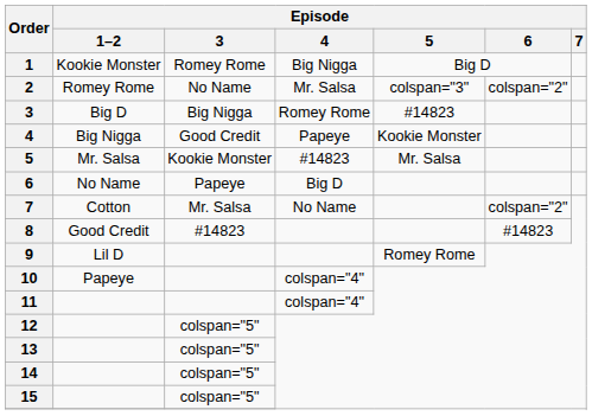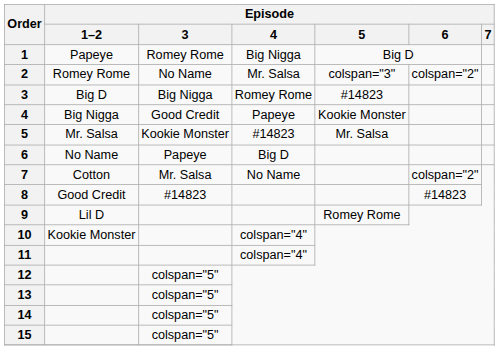 <table class="wikitable nowrap" style="text-align:center">
 <tr>
 <th rowspan="2">Order</th>
 <th colspan="7">Episode</th>
 </tr>
 <tr>
 <th>1–2</th>
 <th>3</th>
 <th>4</th>
 <th>5</th>
 <th>6</th>
 <th>7</th>
 </tr>
 <tr>
 <th>1</th>
-<td>Kookie Monster</td>
+<td>Papeye</td>
 <td>Romey Rome</td>
 <td>Big Nigga</td>
 <td colspan="2">Big D</td>
 <td></td>
 </tr>
 <tr>
 <th>2</th>
 <td>Romey Rome</td>
 <td>No Name</td>
 <td>Mr. Salsa</td>
 <td>colspan="3" </td>
 <td>colspan="2" </td>
 <td></td>
 </tr>
 <tr>
 <th>3</th>
 <td>Big D</td>
 <td>Big Nigga</td>
 <td>Romey Rome</td>
 <td>#14823</td>
 <td></td>
 <td></td>
 </tr>
 <tr>
 <th>4</th>
 <td>Big Nigga</td>
 <td>Good Credit</td>
 <td>Papeye</td>
 <td>Kookie Monster</td>
 <td></td>
 <td></td>
 </tr>
 <tr>
 <th>5</th>
 <td>Mr. Salsa</td>
 <td>Kookie Monster</td>
 <td>#14823</td>
 <td>Mr. Salsa</td>
 <td></td>
 <td></td>
 </tr>
 <tr>
 <th>6</th>
 <td>No Name</td>
 <td>Papeye</td>
 <td>Big D</td>
 <td></td>
 <td></td>
 <td></td>
 </tr>
 <tr>
 <th>7</th>
 <td>Cotton</td>
 <td>Mr. Salsa</td>
 <td>No Name</td>
 <td></td>
 <td>colspan="2" </td>
 </tr>
 <tr>
 <th>8</th>
 <td>Good Credit</td>
 <td>#14823</td>
 <td></td>
 <td></td>
 <td>#14823</td>
 </tr>
 <tr>
 <th>9</th>
 <td>Lil D</td>
 <td></td>
 <td></td>
 <td>Romey Rome</td>
 </tr>
 <tr>
 <th>10</th>
-<td>Papeye</td>
+<td>Kookie Monster</td>
 <td></td>
 <td>colspan="4" </td>
 </tr>
 <tr>
 <th>11</th>
 <td></td>
 <td></td>
 <td>colspan="4" </td>
 </tr>
 <tr>
 <th>12</th>
 <td></td>
 <td>colspan="5" </td>
 </tr>
 <tr>
 <th>13</th>
 <td></td>
 <td>colspan="5" </td>
 </tr>
 <tr>
 <th>14</th>
 <td></td>
 <td>colspan="5" </td>
 </tr>
 <tr>
 <th>15</th>
 <td></td>
 <td>colspan="5" </td>
 </tr>
 <tr>
 </tr>
 </table>
